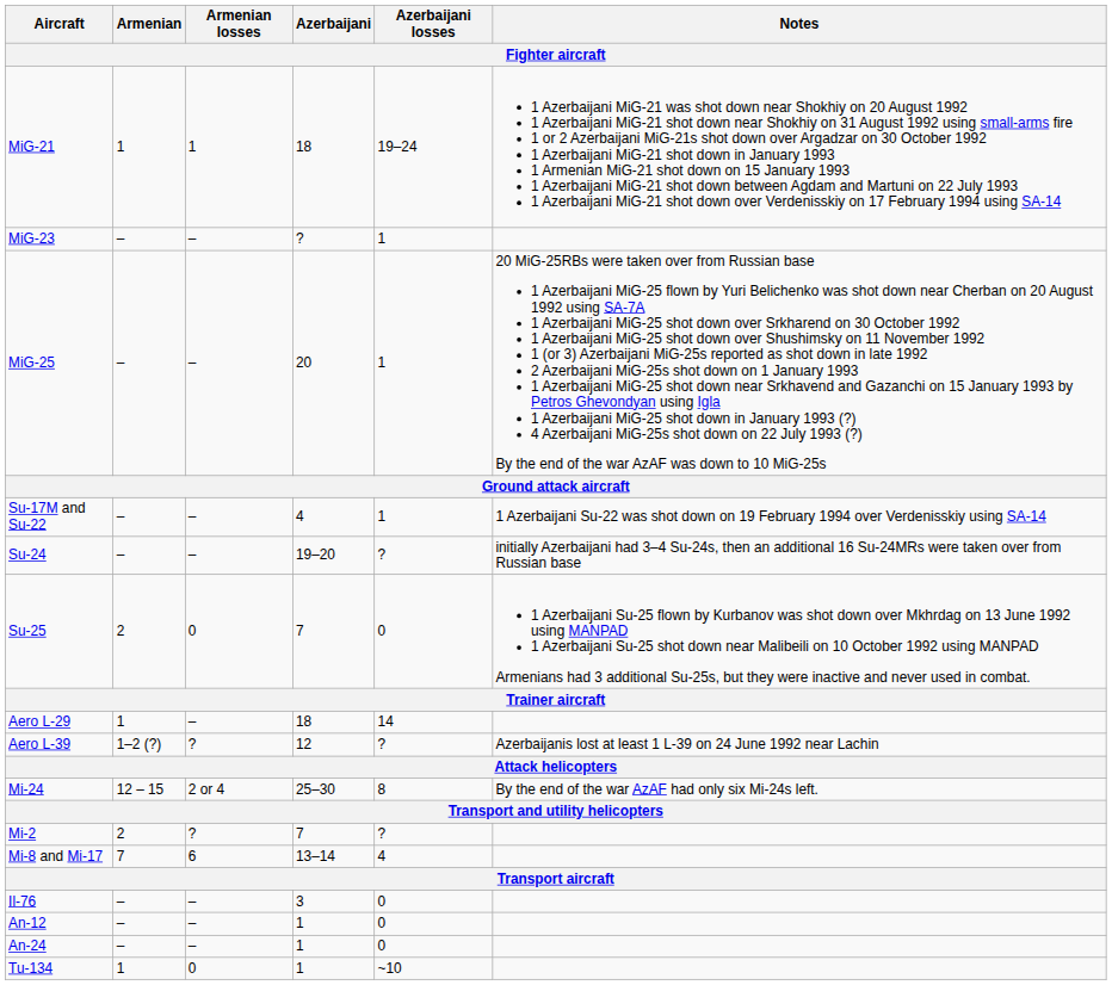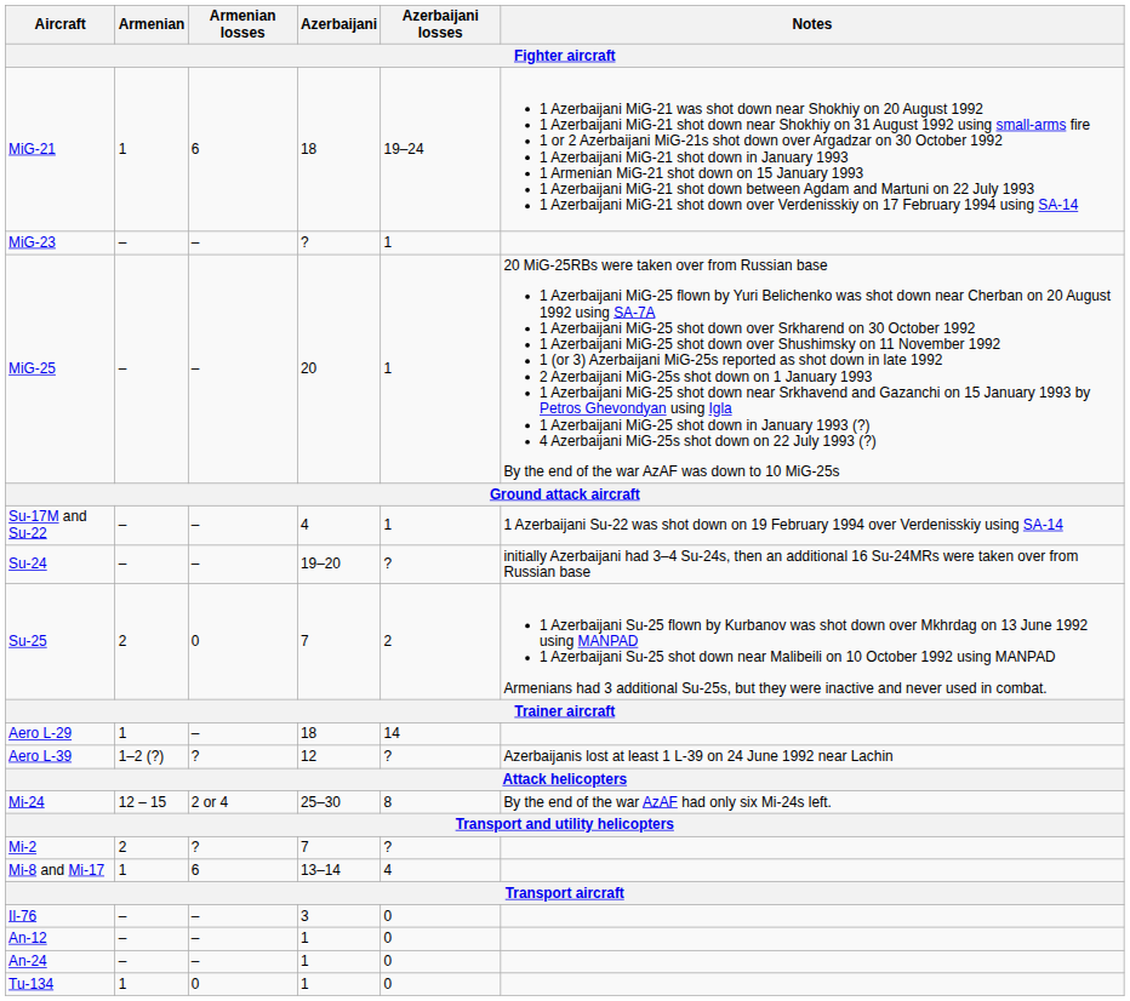 <table class="wikitable collapsible collapsed">
 <tr>
 <th>Aircraft</th>
 <th>Armenian</th>
 <th>Armenian losses</th>
 <th>Azerbaijani</th>
 <th>Azerbaijani losses</th>
 <th>Notes</th>
 </tr>
 <tr>
 <th style="align: center;" colspan="7"><a href='#'>Fighter aircraft</a></th>
 </tr>
 <tr>
 <td><a href='#'>MiG-21</a></td>
 <td>1</td>
-<td>1</td>
+<td>6</td>
 <td>18</td>
 <td>19–24</td>
 <td><br><ul><li>1 Azerbaijani MiG-21 was shot down near Shokhiy on 20 August 1992</li><li>1 Azerbaijani MiG-21 shot down near Shokhiy on 31 August 1992 using <a href='#'>small-arms</a> fire</li><li>1 or 2 Azerbaijani MiG-21s shot down over Argadzar on 30 October 1992</li><li>1 Azerbaijani MiG-21 shot down in January 1993</li><li>1 Armenian MiG-21 shot down on 15 January 1993</li><li>1 Azerbaijani MiG-21 shot down between Agdam and Martuni on 22 July 1993</li><li>1 Azerbaijani MiG-21 shot down over Verdenisskiy on 17 February 1994 using <a href='#'>SA-14</a></li></ul></td>
 </tr>
 <tr>
 <td><a href='#'>MiG-23</a></td>
 <td>–</td>
 <td>–</td>
 <td>?</td>
 <td>1</td>
 <td></td>
 </tr>
 <tr>
 <td><a href='#'>MiG-25</a></td>
 <td>–</td>
 <td>–</td>
 <td>20</td>
 <td>1</td>
 <td>20 MiG-25RBs were taken over from Russian base<br><ul><li>1 Azerbaijani MiG-25 flown by Yuri Belichenko was shot down near Cherban on 20 August 1992 using <a href='#'>SA-7A</a></li><li>1 Azerbaijani MiG-25 shot down over Srkharend on 30 October 1992</li><li>1 Azerbaijani MiG-25 shot down over Shushimsky on 11 November 1992</li><li>1 (or 3) Azerbaijani MiG-25s reported as shot down in late 1992</li><li>2 Azerbaijani MiG-25s shot down on 1 January 1993</li><li>1 Azerbaijani MiG-25 shot down near Srkhavend and Gazanchi on 15 January 1993 by <a href='#'>Petros Ghevondyan</a> using <a href='#'>Igla</a></li><li>1 Azerbaijani MiG-25 shot down in January 1993 (?)</li><li>4 Azerbaijani MiG-25s shot down on 22 July 1993 (?)</li></ul>By the end of the war AzAF was down to 10 MiG-25s</td>
 </tr>
 <tr>
 <th style="align: center;" colspan="7"><a href='#'>Ground attack aircraft</a></th>
 </tr>
 <tr>
 <td><a href='#'>Su-17M</a> and <a href='#'>Su-22</a></td>
 <td>–</td>
 <td>–</td>
 <td>4</td>
 <td>1</td>
 <td>1 Azerbaijani Su-22 was shot down on 19 February 1994 over Verdenisskiy using <a href='#'>SA-14</a></td>
 </tr>
 <tr>
 <td><a href='#'>Su-24</a></td>
 <td>–</td>
 <td>–</td>
 <td>19–20</td>
 <td>?</td>
 <td>initially Azerbaijani had 3–4 Su-24s, then an additional 16 Su-24MRs were taken over from Russian base</td>
 </tr>
 <tr>
 <td><a href='#'>Su-25</a></td>
 <td>2</td>
 <td>0</td>
 <td>7</td>
-<td>0</td>
+<td>2</td>
 <td><br><ul><li>1 Azerbaijani Su-25 flown by Kurbanov was shot down over Mkhrdag on 13 June 1992 using <a href='#'>MANPAD</a></li><li>1 Azerbaijani Su-25 shot down near Malibeili on 10 October 1992 using MANPAD</li></ul>Armenians had 3 additional Su-25s, but they were inactive and never used in combat.</td>
 </tr>
 <tr>
 <th style="align: center;" colspan="7"><a href='#'>Trainer aircraft</a></th>
 </tr>
 <tr>
 <td><a href='#'>Aero L-29</a></td>
 <td>1</td>
 <td>–</td>
 <td>18</td>
 <td>14</td>
 <td></td>
 </tr>
 <tr>
 <td><a href='#'>Aero L-39</a></td>
 <td>1–2 (?)</td>
 <td>?</td>
 <td>12</td>
 <td>?</td>
 <td>Azerbaijanis lost at least 1 L-39 on 24 June 1992 near Lachin</td>
 </tr>
 <tr>
 <th style="align: center;" colspan="7"><a href='#'>Attack helicopters</a></th>
 </tr>
 <tr>
 <td><a href='#'>Mi-24</a></td>
 <td>12 – 15</td>
 <td>2 or 4</td>
 <td>25–30</td>
 <td>8</td>
 <td>By the end of the war <a href='#'>AzAF</a> had only six Mi-24s left.</td>
 </tr>
 <tr>
 <th style="align: center;" colspan="7"><a href='#'>Transport and utility helicopters</a></th>
 </tr>
 <tr>
 <td><a href='#'>Mi-2</a></td>
 <td>2</td>
 <td>?</td>
 <td>7</td>
 <td>?</td>
 <td></td>
 </tr>
 <tr>
 <td><a href='#'>Mi-8</a> and <a href='#'>Mi-17</a></td>
-<td>7</td>
+<td>1</td>
 <td>6</td>
 <td>13–14</td>
 <td>4</td>
 <td></td>
 </tr>
 <tr>
 <th style="align: center;" colspan="7"><a href='#'>Transport aircraft</a></th>
 </tr>
 <tr>
 <td><a href='#'>Il-76</a></td>
 <td>–</td>
 <td>–</td>
 <td>3</td>
 <td>0</td>
 <td></td>
 </tr>
 <tr>
 <td><a href='#'>An-12</a></td>
 <td>–</td>
 <td>–</td>
 <td>1</td>
 <td>0</td>
 <td></td>
 </tr>
 <tr>
 <td><a href='#'>An-24</a></td>
 <td>–</td>
 <td>–</td>
 <td>1</td>
 <td>0</td>
 <td></td>
 </tr>
 <tr>
 <td><a href='#'>Tu-134</a></td>
 <td>1</td>
 <td>0</td>
 <td>1</td>
-<td>~10</td>
+<td>0</td>
 <td></td>
 </tr>
 </table>
